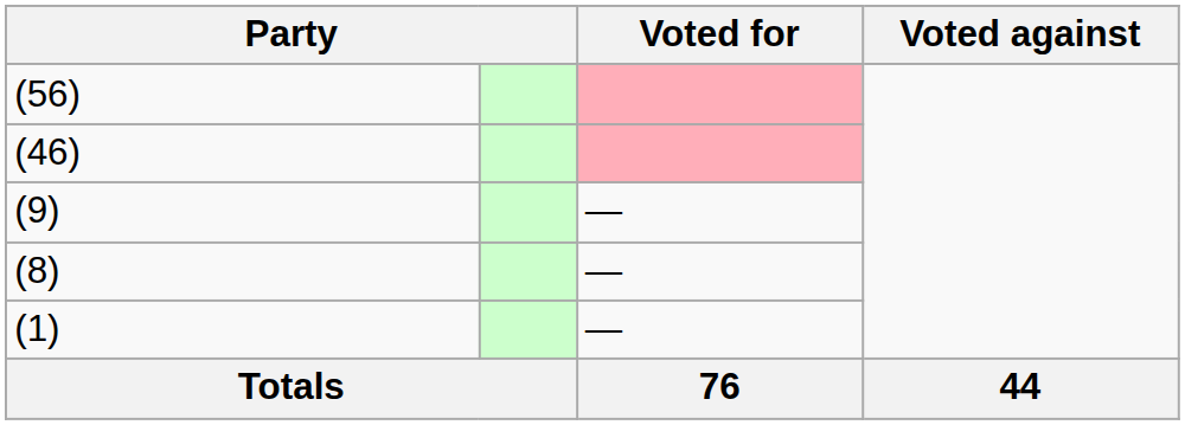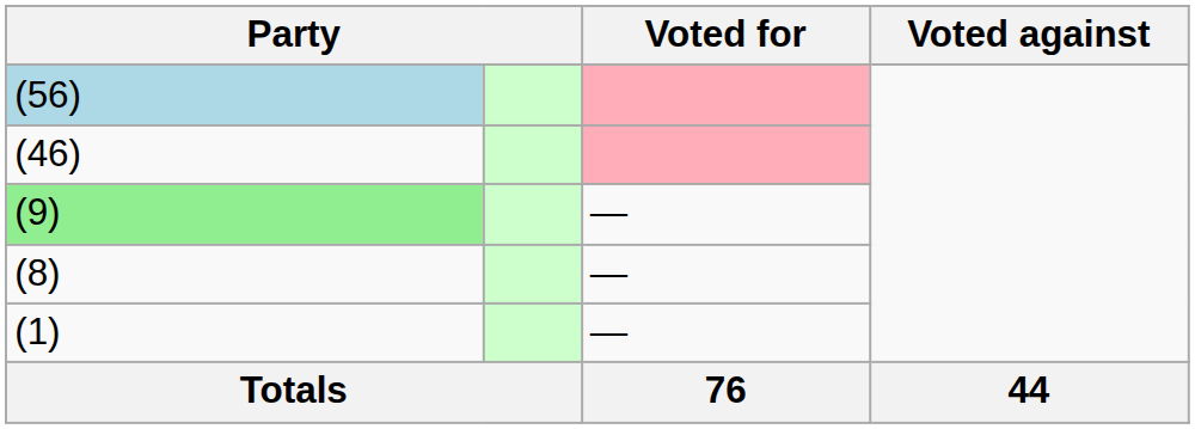 <table class="wikitable" style="width:40%;">
 <tr>
 <th style="width:20%;" colspan="2">Party</th>
 <th style="width:10%;">Voted for</th>
 <th style="width:10%;">Voted against</th>
 </tr>
 <tr>
-<td> (56)</td>
+<td style="background: lightblue;"> (56)</td>
 <td style="background-color:#CCFFCC;"></td>
 <td style="background-color:#FFAEB9;"></td>
 </tr>
 <tr>
 <td> (46)</td>
 <td style="background-color:#CCFFCC;"></td>
 <td style="background-color:#FFAEB9;"></td>
 </tr>
 <tr>
-<td> (9)</td>
+<td style="background: lightgreen;"> (9)</td>
 <td style="background-color:#CCFFCC;"></td>
 <td>—</td>
 </tr>
 <tr>
 <td> (8)</td>
 <td style="background-color:#CCFFCC;"></td>
 <td>—</td>
 </tr>
 <tr>
 <td> (1)</td>
 <td style="background-color:#CCFFCC;"></td>
 <td>—</td>
 </tr>
 <tr>
 <th colspan=2>Totals</th>
 <th>76</th>
 <th>44</th>
 </tr>
 </table>
